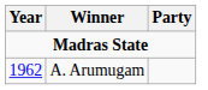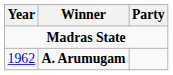 <table class="wikitable sortable">
 <tr>
 <th>Year</th>
 <th>Winner</th>
 <th colspan="2">Party</th>
 </tr>
 <tr>
 <td style="text-align: center;" colspan="4"><strong>Madras State</strong></td>
 </tr>
 <tr>
 <td><a href='#'>1962</a></td>
-<td>A. Arumugam</td>
+<td><strong>A. Arumugam</strong></td>
 <td></td>
 </tr>
 </table>
